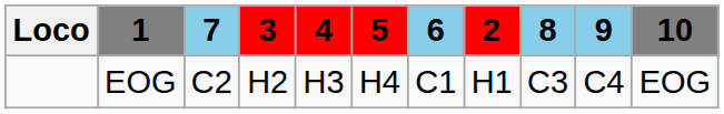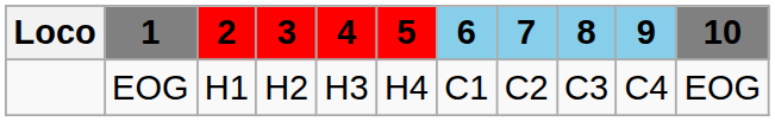 <table class="wikitable plainrowheaders unsortable" style="text-align:center:">
 <tr>
 <th>Loco</th>
 <th style="background:grey;">1</th>
-<th style="background:#87ceeb;">7</th>
+<th style="background:red;">2</th>
 <th style="background:red;">3</th>
 <th style="background:red;">4</th>
 <th style="background:red;">5</th>
 <th style="background:#87ceeb;">6</th>
-<th style="background:red;">2</th>
+<th style="background:#87ceeb;">7</th>
 <th style="background:#87ceeb;">8</th>
 <th style="background:#87ceeb;">9</th>
 <th style="background:grey;">10</th>
 </tr>
 <tr>
 <td></td>
 <td>EOG</td>
-<td>C2</td>
+<td>H1</td>
 <td>H2</td>
 <td>H3</td>
 <td>H4</td>
 <td>C1</td>
-<td>H1</td>
+<td>C2</td>
 <td>C3</td>
 <td>C4</td>
 <td>EOG</td>
 </tr>
 </table>
